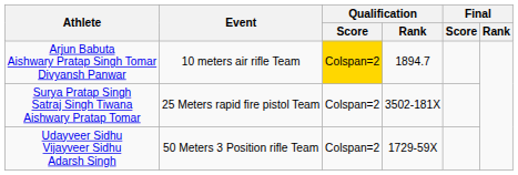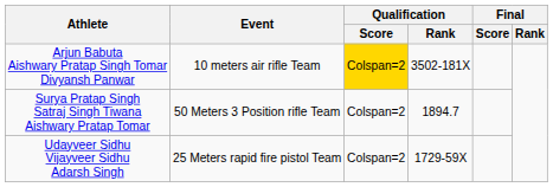 <table class="wikitable" style="text-align:center; font-size:90%">
 <tr>
 <th rowspan="2">Athlete</th>
 <th rowspan="2">Event</th>
 <th colspan="2">Qualification</th>
 <th colspan="2">Final</th>
 </tr>
 <tr>
 <th>Score</th>
 <th>Rank</th>
 <th>Score</th>
 <th>Rank</th>
 </tr>
 <tr>
 <td><a href='#'>Arjun Babuta</a><br><a href='#'>Aishwary Pratap Singh Tomar</a><br><a href='#'>Divyansh Panwar</a></td>
 <td>10 meters air rifle Team</td>
 <td style="background: gold;">Colspan=2</td>
+<td>3502-181X</td>
+<td></td>
+</tr>
+<tr>
+<td><a href='#'>Surya Pratap Singh</a><br><a href='#'>Satraj Singh Tiwana</a><br><a href='#'>Aishwary Pratap Tomar</a></td>
+<td>50 Meters 3 Position rifle Team</td>
+<td>Colspan=2</td>
 <td>1894.7</td>
 <td></td>
 </tr>
 <tr>
-<td><a href='#'>Surya Pratap Singh</a><br><a href='#'>Satraj Singh Tiwana</a><br><a href='#'>Aishwary Pratap Tomar</a></td>
+<td><a href='#'>Udayveer Sidhu</a><br><a href='#'>Vijayveer Sidhu</a><br><a href='#'>Adarsh Singh</a></td>
 <td>25 Meters rapid fire pistol Team</td>
-<td>Colspan=2</td>
-<td>3502-181X</td>
-<td></td>
-</tr>
-<tr>
-<td><a href='#'>Udayveer Sidhu</a><br><a href='#'>Vijayveer Sidhu</a><br><a href='#'>Adarsh Singh</a></td>
-<td>50 Meters 3 Position rifle Team</td>
 <td>Colspan=2</td>
 <td>1729-59X</td>
 <td></td>
 </tr>
 </table>
